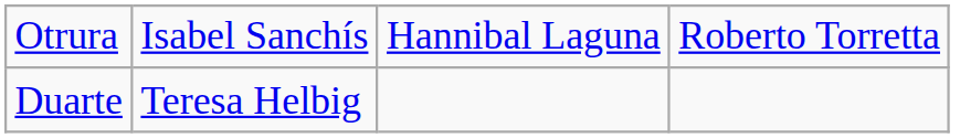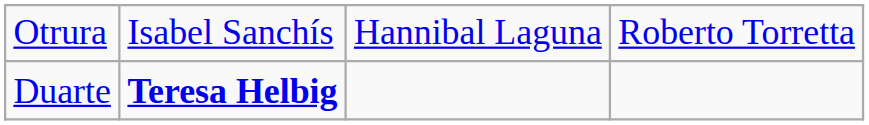 <table class="wikitable">
 <tr>
 <td><a href='#'>Otrura</a></td>
 <td><a href='#'>Isabel Sanchís</a></td>
 <td><a href='#'>Hannibal Laguna</a></td>
 <td><a href='#'>Roberto Torretta</a></td>
 </tr>
 <tr>
 <td><a href='#'>Duarte</a></td>
-<td><a href='#'>Teresa Helbig</a></td>
+<td><strong><a href='#'>Teresa Helbig</a></strong></td>
 <td></td>
 <td></td>
 </tr>
 </table>
